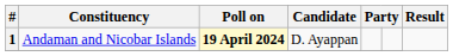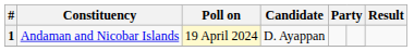 <table class="wikitable sortable" style="text-align:center;">
 <tr>
 <th>#</th>
 <th>Constituency</th>
 <th>Poll on</th>
 <th>Candidate</th>
 <th colspan="2">Party</th>
 <th>Result</th>
 </tr>
 <tr>
 <th>1</th>
 <td><a href='#'>Andaman and Nicobar Islands</a></td>
-<td bgcolor=#FFFACD><strong>19 April 2024</strong></td>
+<td bgcolor=#FFFACD>19 April 2024</td>
 <td>D. Ayappan</td>
 <td></td>
 <td></td>
 </tr>
 <tr>
 </tr>
 </table>
